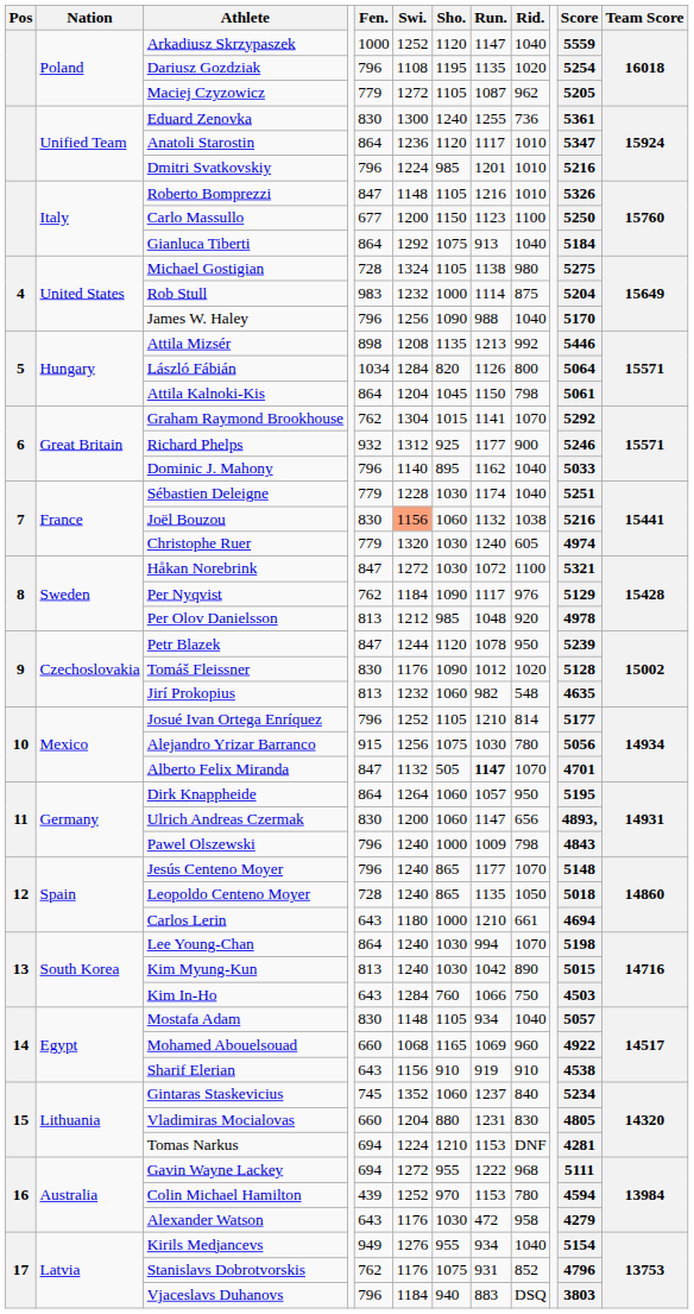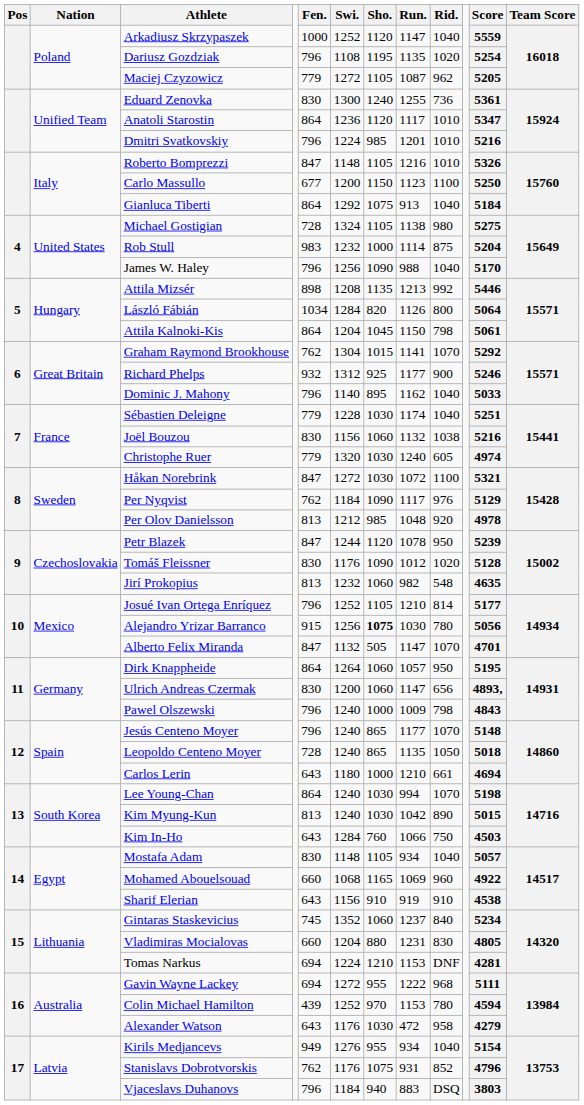 <table class="wikitable">
 <tr>
 <th bgcolor="#efefef">Pos</th>
 <th bgcolor="#efefef">Nation</th>
 <th bgcolor="#efefef">Athlete</th>
 <td rowspan="52"></td>
 <th>Fen.</th>
 <th>Swi.</th>
 <th>Sho.</th>
 <th>Run.</th>
 <th>Rid.</th>
 <td rowspan="52"></td>
 <th bgcolor="#efefef">Score</th>
 <th bgcolor="#efefef">Team Score</th>
 </tr>
 <tr>
 <th rowspan="3"></th>
 <td rowspan="3"> <a href='#'>Poland</a></td>
 <td><a href='#'>Arkadiusz Skrzypaszek</a></td>
 <td>1000</td>
 <td>1252</td>
 <td>1120</td>
 <td>1147</td>
 <td>1040</td>
 <th>5559</th>
 <th rowspan="3">16018</th>
 </tr>
 <tr>
 <td><a href='#'>Dariusz Gozdziak</a></td>
 <td>796</td>
 <td>1108</td>
 <td>1195</td>
 <td>1135</td>
 <td>1020</td>
 <th>5254</th>
 </tr>
 <tr>
 <td><a href='#'>Maciej Czyzowicz</a></td>
 <td>779</td>
 <td>1272</td>
 <td>1105</td>
 <td>1087</td>
 <td>962</td>
 <th>5205</th>
 </tr>
 <tr>
 <th rowspan="3"></th>
 <td rowspan="3"> <a href='#'>Unified Team</a></td>
 <td><a href='#'>Eduard Zenovka</a></td>
 <td>830</td>
 <td>1300</td>
 <td>1240</td>
 <td>1255</td>
 <td>736</td>
 <th>5361</th>
 <th rowspan="3">15924</th>
 </tr>
 <tr>
 <td><a href='#'>Anatoli Starostin</a></td>
 <td>864</td>
 <td>1236</td>
 <td>1120</td>
 <td>1117</td>
 <td>1010</td>
 <th>5347</th>
 </tr>
 <tr>
 <td><a href='#'>Dmitri Svatkovskiy</a></td>
 <td>796</td>
 <td>1224</td>
 <td>985</td>
 <td>1201</td>
 <td>1010</td>
 <th>5216</th>
 </tr>
 <tr>
 <th rowspan="3"></th>
 <td rowspan="3"> <a href='#'>Italy</a></td>
 <td><a href='#'>Roberto Bomprezzi</a></td>
 <td>847</td>
 <td>1148</td>
 <td>1105</td>
 <td>1216</td>
 <td>1010</td>
 <th>5326</th>
 <th rowspan="3">15760</th>
 </tr>
 <tr>
 <td><a href='#'>Carlo Massullo</a></td>
 <td>677</td>
 <td>1200</td>
 <td>1150</td>
 <td>1123</td>
 <td>1100</td>
 <th>5250</th>
 </tr>
 <tr>
 <td><a href='#'>Gianluca Tiberti</a></td>
 <td>864</td>
 <td>1292</td>
 <td>1075</td>
 <td>913</td>
 <td>1040</td>
 <th>5184</th>
 </tr>
 <tr>
 <th rowspan="3">4</th>
 <td rowspan="3"> <a href='#'>United States</a></td>
 <td><a href='#'>Michael Gostigian</a></td>
 <td>728</td>
 <td>1324</td>
 <td>1105</td>
 <td>1138</td>
 <td>980</td>
 <th>5275</th>
 <th rowspan="3">15649</th>
 </tr>
 <tr>
 <td><a href='#'>Rob Stull</a></td>
 <td>983</td>
 <td>1232</td>
 <td>1000</td>
 <td>1114</td>
 <td>875</td>
 <th>5204</th>
 </tr>
 <tr>
 <td>James W. Haley</td>
 <td>796</td>
 <td>1256</td>
 <td>1090</td>
 <td>988</td>
 <td>1040</td>
 <th>5170</th>
 </tr>
 <tr>
 <th rowspan="3">5</th>
 <td rowspan="3"> <a href='#'>Hungary</a></td>
 <td><a href='#'>Attila Mizsér</a></td>
 <td>898</td>
 <td>1208</td>
 <td>1135</td>
 <td>1213</td>
 <td>992</td>
 <th>5446</th>
 <th rowspan="3">15571</th>
 </tr>
 <tr>
 <td><a href='#'>László Fábián</a></td>
 <td>1034</td>
 <td>1284</td>
 <td>820</td>
 <td>1126</td>
 <td>800</td>
 <th>5064</th>
 </tr>
 <tr>
 <td><a href='#'>Attila Kalnoki-Kis</a></td>
 <td>864</td>
 <td>1204</td>
 <td>1045</td>
 <td>1150</td>
 <td>798</td>
 <th>5061</th>
 </tr>
 <tr>
 <th rowspan="3">6</th>
 <td rowspan="3"> <a href='#'>Great Britain</a></td>
 <td><a href='#'>Graham Raymond Brookhouse</a></td>
 <td>762</td>
 <td>1304</td>
 <td>1015</td>
 <td>1141</td>
 <td>1070</td>
 <th>5292</th>
 <th rowspan="3">15571</th>
 </tr>
 <tr>
 <td><a href='#'>Richard Phelps</a></td>
 <td>932</td>
 <td>1312</td>
 <td>925</td>
 <td>1177</td>
 <td>900</td>
 <th>5246</th>
 </tr>
 <tr>
 <td><a href='#'>Dominic J. Mahony</a></td>
 <td>796</td>
 <td>1140</td>
 <td>895</td>
 <td>1162</td>
 <td>1040</td>
 <th>5033</th>
 </tr>
 <tr>
 <th rowspan="3">7</th>
 <td rowspan="3"> <a href='#'>France</a></td>
 <td><a href='#'>Sébastien Deleigne</a></td>
 <td>779</td>
 <td>1228</td>
 <td>1030</td>
 <td>1174</td>
 <td>1040</td>
 <th>5251</th>
 <th rowspan="3">15441</th>
 </tr>
 <tr>
 <td><a href='#'>Joël Bouzou</a></td>
 <td>830</td>
-<td style="background: lightsalmon;">1156</td>
+<td>1156</td>
 <td>1060</td>
 <td>1132</td>
 <td>1038</td>
 <th>5216</th>
 </tr>
 <tr>
 <td><a href='#'>Christophe Ruer</a></td>
 <td>779</td>
 <td>1320</td>
 <td>1030</td>
 <td>1240</td>
 <td>605</td>
 <th>4974</th>
 </tr>
 <tr>
 <th rowspan="3">8</th>
 <td rowspan="3"> <a href='#'>Sweden</a></td>
 <td><a href='#'>Håkan Norebrink</a></td>
 <td>847</td>
 <td>1272</td>
 <td>1030</td>
 <td>1072</td>
 <td>1100</td>
 <th>5321</th>
 <th rowspan="3">15428</th>
 </tr>
 <tr>
 <td><a href='#'>Per Nyqvist</a></td>
 <td>762</td>
 <td>1184</td>
 <td>1090</td>
 <td>1117</td>
 <td>976</td>
 <th>5129</th>
 </tr>
 <tr>
 <td><a href='#'>Per Olov Danielsson</a></td>
 <td>813</td>
 <td>1212</td>
 <td>985</td>
 <td>1048</td>
 <td>920</td>
 <th>4978</th>
 </tr>
 <tr>
 <th rowspan="3">9</th>
 <td rowspan="3"> <a href='#'>Czechoslovakia</a></td>
 <td><a href='#'>Petr Blazek</a></td>
 <td>847</td>
 <td>1244</td>
 <td>1120</td>
 <td>1078</td>
 <td>950</td>
 <th>5239</th>
 <th rowspan="3">15002</th>
 </tr>
 <tr>
 <td><a href='#'>Tomáš Fleissner</a></td>
 <td>830</td>
 <td>1176</td>
 <td>1090</td>
 <td>1012</td>
 <td>1020</td>
 <th>5128</th>
 </tr>
 <tr>
 <td><a href='#'>Jirí Prokopius</a></td>
 <td>813</td>
 <td>1232</td>
 <td>1060</td>
 <td>982</td>
 <td>548</td>
 <th>4635</th>
 </tr>
 <tr>
 <th rowspan="3">10</th>
 <td rowspan="3"> <a href='#'>Mexico</a></td>
 <td><a href='#'>Josué Ivan Ortega Enríquez</a></td>
 <td>796</td>
 <td>1252</td>
 <td>1105</td>
 <td>1210</td>
 <td>814</td>
 <th>5177</th>
 <th rowspan="3">14934</th>
 </tr>
 <tr>
 <td><a href='#'>Alejandro Yrizar Barranco</a></td>
 <td>915</td>
 <td>1256</td>
-<td>1075</td>
+<td><strong>1075</strong></td>
 <td>1030</td>
 <td>780</td>
 <th>5056</th>
 </tr>
 <tr>
 <td><a href='#'>Alberto Felix Miranda</a></td>
 <td>847</td>
 <td>1132</td>
 <td>505</td>
-<td><strong>1147</strong></td>
+<td>1147</td>
 <td>1070</td>
 <th>4701</th>
 </tr>
 <tr>
 <th rowspan="3">11</th>
 <td rowspan="3"> <a href='#'>Germany</a></td>
 <td><a href='#'>Dirk Knappheide</a></td>
 <td>864</td>
 <td>1264</td>
 <td>1060</td>
 <td>1057</td>
 <td>950</td>
 <th>5195</th>
 <th rowspan="3">14931</th>
 </tr>
 <tr>
 <td><a href='#'>Ulrich Andreas Czermak</a></td>
 <td>830</td>
 <td>1200</td>
 <td>1060</td>
 <td>1147</td>
 <td>656</td>
 <th>4893,</th>
 </tr>
 <tr>
 <td><a href='#'>Pawel Olszewski</a></td>
 <td>796</td>
 <td>1240</td>
 <td>1000</td>
 <td>1009</td>
 <td>798</td>
 <th>4843</th>
 </tr>
 <tr>
 <th rowspan="3">12</th>
 <td rowspan="3"> <a href='#'>Spain</a></td>
 <td><a href='#'>Jesús Centeno Moyer</a></td>
 <td>796</td>
 <td>1240</td>
 <td>865</td>
 <td>1177</td>
 <td>1070</td>
 <th>5148</th>
 <th rowspan="3">14860</th>
 </tr>
 <tr>
 <td><a href='#'>Leopoldo Centeno Moyer</a></td>
 <td>728</td>
 <td>1240</td>
 <td>865</td>
 <td>1135</td>
 <td>1050</td>
 <th>5018</th>
 </tr>
 <tr>
 <td><a href='#'>Carlos Lerin</a></td>
 <td>643</td>
 <td>1180</td>
 <td>1000</td>
 <td>1210</td>
 <td>661</td>
 <th>4694</th>
 </tr>
 <tr>
 <th rowspan="3">13</th>
 <td rowspan="3"> <a href='#'>South Korea</a></td>
 <td><a href='#'>Lee Young-Chan</a></td>
 <td>864</td>
 <td>1240</td>
 <td>1030</td>
 <td>994</td>
 <td>1070</td>
 <th>5198</th>
 <th rowspan="3">14716</th>
 </tr>
 <tr>
 <td><a href='#'>Kim Myung-Kun</a></td>
 <td>813</td>
 <td>1240</td>
 <td>1030</td>
 <td>1042</td>
 <td>890</td>
 <th>5015</th>
 </tr>
 <tr>
 <td><a href='#'>Kim In-Ho</a></td>
 <td>643</td>
 <td>1284</td>
 <td>760</td>
 <td>1066</td>
 <td>750</td>
 <th>4503</th>
 </tr>
 <tr>
 <th rowspan="3">14</th>
 <td rowspan="3"> <a href='#'>Egypt</a></td>
 <td><a href='#'>Mostafa Adam</a></td>
 <td>830</td>
 <td>1148</td>
 <td>1105</td>
 <td>934</td>
 <td>1040</td>
 <th>5057</th>
 <th rowspan="3">14517</th>
 </tr>
 <tr>
 <td><a href='#'>Mohamed Abouelsouad</a></td>
 <td>660</td>
 <td>1068</td>
 <td>1165</td>
 <td>1069</td>
 <td>960</td>
 <th>4922</th>
 </tr>
 <tr>
 <td><a href='#'>Sharif Elerian</a></td>
 <td>643</td>
 <td>1156</td>
 <td>910</td>
 <td>919</td>
 <td>910</td>
 <th>4538</th>
 </tr>
 <tr>
 <th rowspan="3">15</th>
 <td rowspan="3"> <a href='#'>Lithuania</a></td>
 <td><a href='#'>Gintaras Staskevicius</a></td>
 <td>745</td>
 <td>1352</td>
 <td>1060</td>
 <td>1237</td>
 <td>840</td>
 <th>5234</th>
 <th rowspan="3">14320</th>
 </tr>
 <tr>
 <td><a href='#'>Vladimiras Mocialovas</a></td>
 <td>660</td>
 <td>1204</td>
 <td>880</td>
 <td>1231</td>
 <td>830</td>
 <th>4805</th>
 </tr>
 <tr>
 <td>Tomas Narkus</td>
 <td>694</td>
 <td>1224</td>
 <td>1210</td>
 <td>1153</td>
 <td>DNF</td>
 <th>4281</th>
 </tr>
 <tr>
 <th rowspan="3">16</th>
 <td rowspan="3"> <a href='#'>Australia</a></td>
 <td><a href='#'>Gavin Wayne Lackey</a></td>
 <td>694</td>
 <td>1272</td>
 <td>955</td>
 <td>1222</td>
 <td>968</td>
 <th>5111</th>
 <th rowspan="3">13984</th>
 </tr>
 <tr>
 <td><a href='#'>Colin Michael Hamilton</a></td>
 <td>439</td>
 <td>1252</td>
 <td>970</td>
 <td>1153</td>
 <td>780</td>
 <th>4594</th>
 </tr>
 <tr>
 <td><a href='#'>Alexander Watson</a></td>
 <td>643</td>
 <td>1176</td>
 <td>1030</td>
 <td>472</td>
 <td>958</td>
 <th>4279</th>
 </tr>
 <tr>
 <th rowspan="3">17</th>
 <td rowspan="3"> <a href='#'>Latvia</a></td>
 <td><a href='#'>Kirils Medjancevs</a></td>
 <td>949</td>
 <td>1276</td>
 <td>955</td>
 <td>934</td>
 <td>1040</td>
 <th>5154</th>
 <th rowspan="3">13753</th>
 </tr>
 <tr>
 <td><a href='#'>Stanislavs Dobrotvorskis</a></td>
 <td>762</td>
 <td>1176</td>
 <td>1075</td>
 <td>931</td>
 <td>852</td>
 <th>4796</th>
 </tr>
 <tr>
 <td><a href='#'>Vjaceslavs Duhanovs</a></td>
 <td>796</td>
 <td>1184</td>
 <td>940</td>
 <td>883</td>
 <td>DSQ</td>
 <th>3803</th>
 </tr>
 </table>
